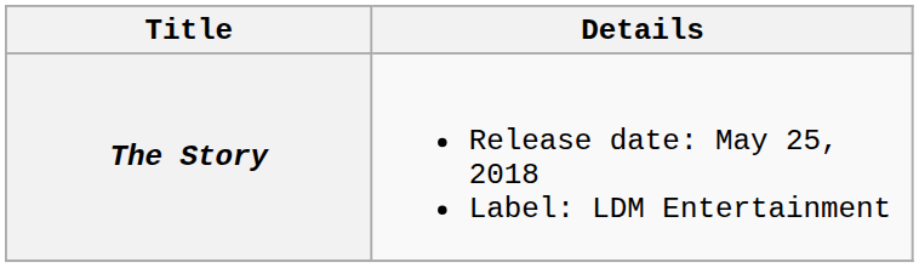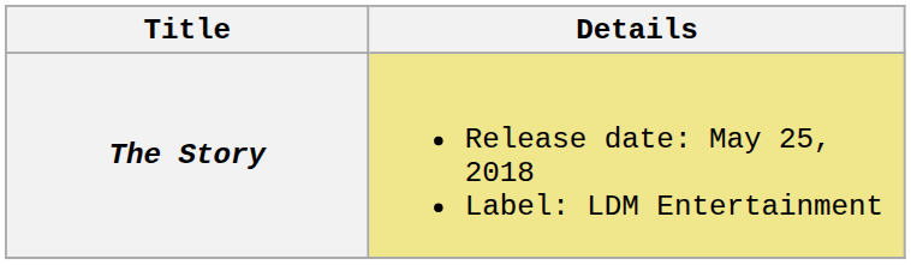 <table class="wikitable plainrowheaders">
 <tr>
 <th style="width:12em;">Title</th>
 <th style="width:18em;">Details</th>
 </tr>
 <tr>
 <th scope="row"><em>The Story</em></th>
-<td><br><ul><li>Release date: May 25, 2018</li><li>Label: LDM Entertainment</li></ul></td>
+<td style="background: khaki;"><br><ul><li>Release date: May 25, 2018</li><li>Label: LDM Entertainment</li></ul></td>
 </tr>
 <tr>
 </tr>
 </table>
